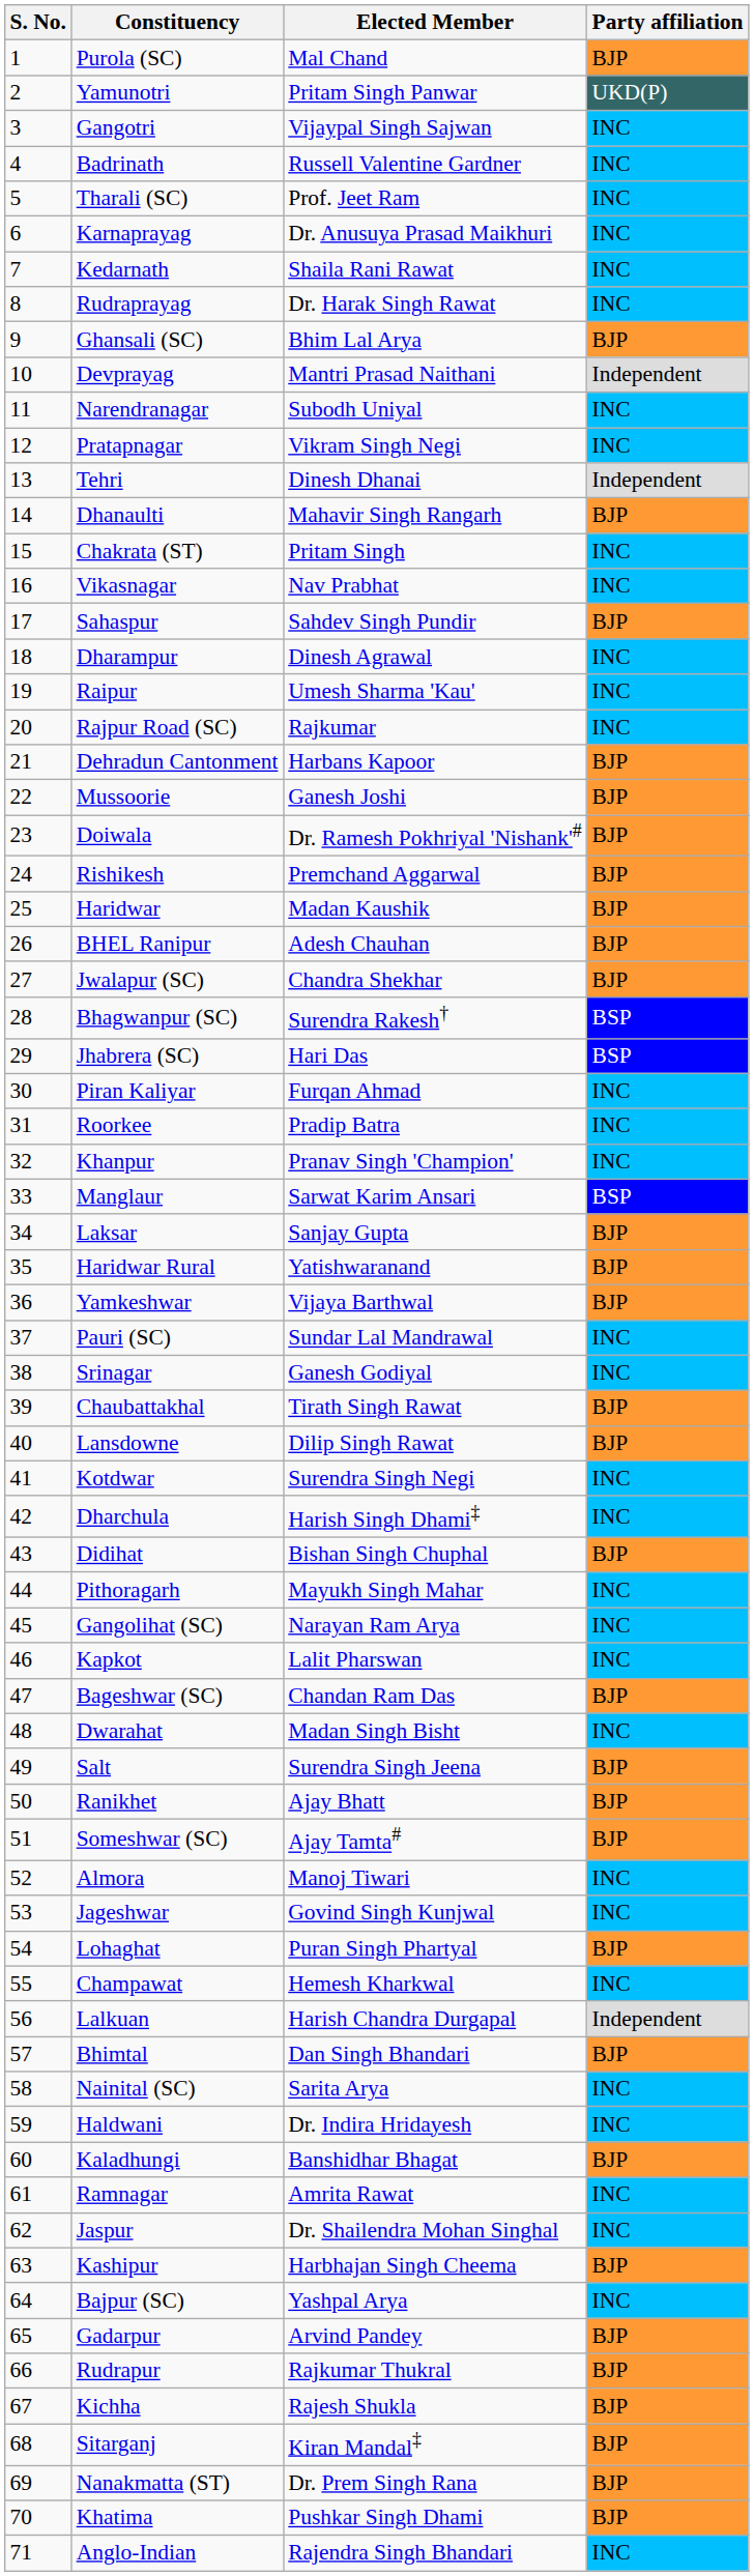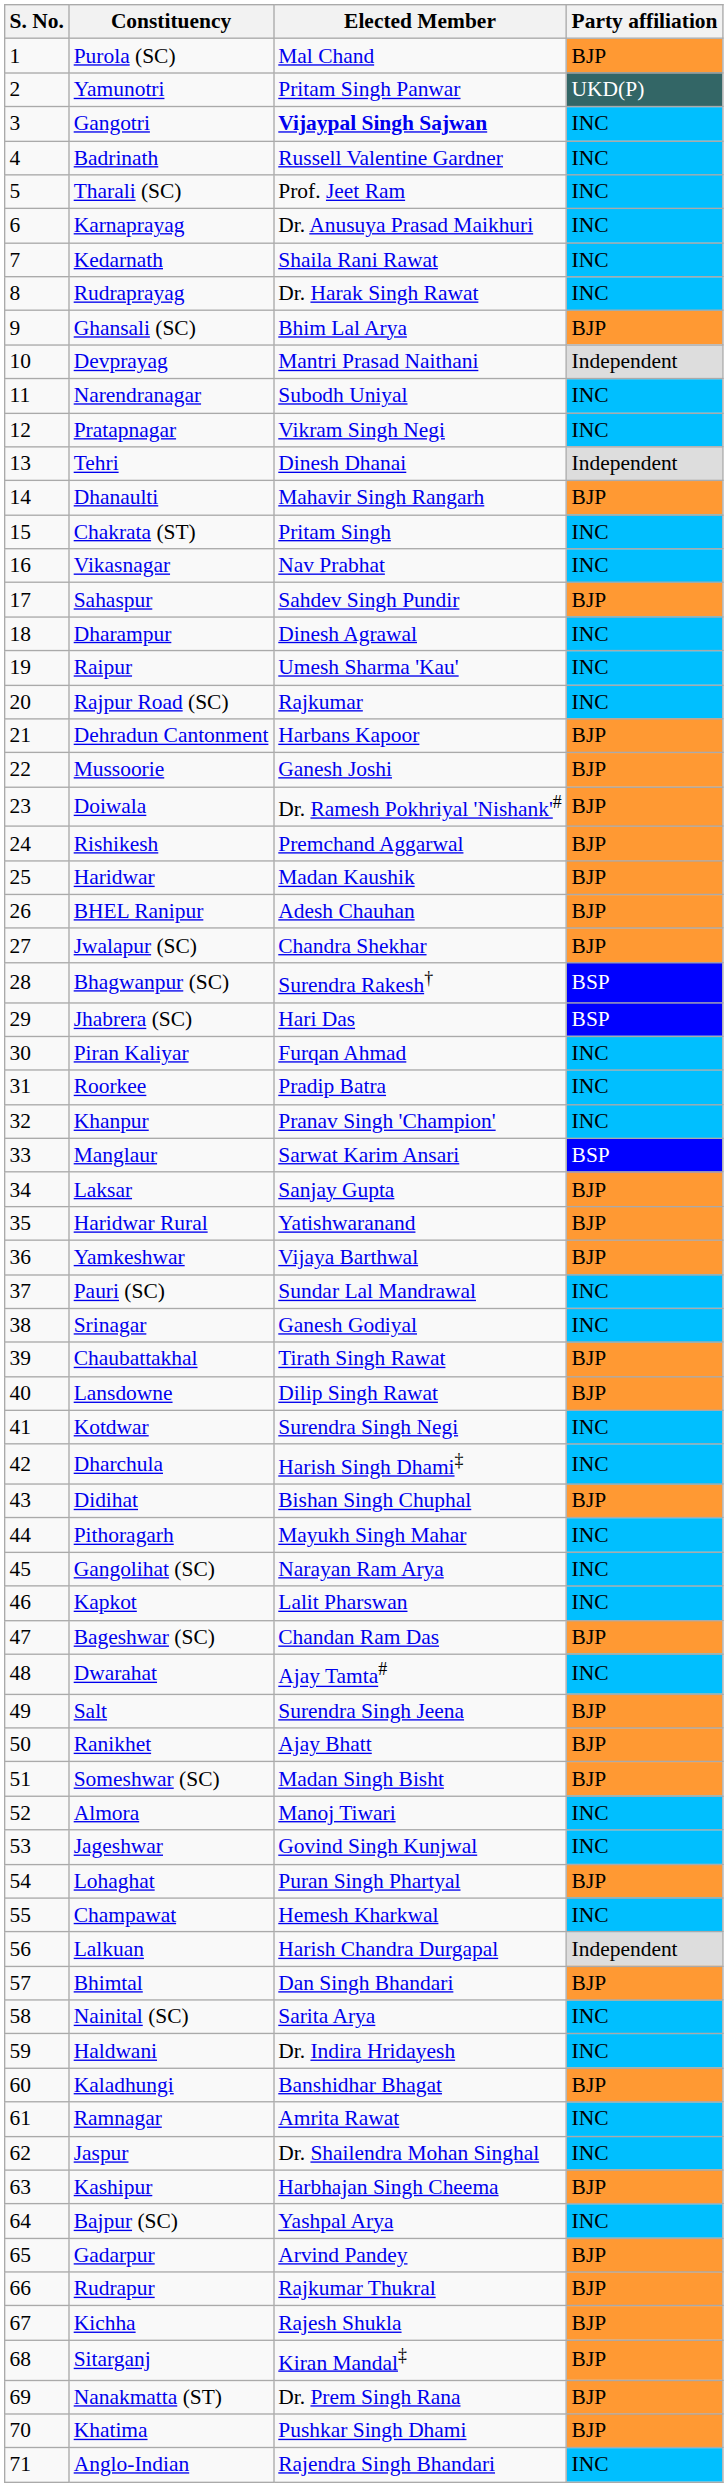 <table class="wikitable sortable">
 <tr style="background:#E9E9E9;">
 <th>S. No.</th>
 <th>Constituency</th>
 <th>Elected Member</th>
 <th>Party affiliation</th>
 </tr>
 <tr>
 <td>1</td>
 <td><a href='#'>Purola</a> (SC)</td>
 <td><a href='#'>Mal Chand</a></td>
 <td bgcolor=#FF9933>BJP</td>
 </tr>
 <tr>
 <td>2</td>
 <td><a href='#'>Yamunotri</a></td>
 <td><a href='#'>Pritam Singh Panwar</a></td>
 <td style="background: #336666; color: white">UKD(P)</td>
 </tr>
 <tr>
 <td>3</td>
 <td><a href='#'>Gangotri</a></td>
-<td><a href='#'>Vijaypal Singh Sajwan</a></td>
+<td><strong><a href='#'>Vijaypal Singh Sajwan</a></strong></td>
 <td bgcolor=#00BFFF>INC</td>
 </tr>
 <tr>
 <td>4</td>
 <td><a href='#'>Badrinath</a></td>
 <td><a href='#'>Russell Valentine Gardner</a></td>
 <td bgcolor=#00BFFF>INC</td>
 </tr>
 <tr>
 <td>5</td>
 <td><a href='#'>Tharali</a> (SC)</td>
 <td>Prof. <a href='#'>Jeet Ram</a></td>
 <td bgcolor=#00BFFF>INC</td>
 </tr>
 <tr>
 <td>6</td>
 <td><a href='#'>Karnaprayag</a></td>
 <td>Dr. <a href='#'>Anusuya Prasad Maikhuri</a></td>
 <td bgcolor=#00BFFF>INC</td>
 </tr>
 <tr>
 <td>7</td>
 <td><a href='#'>Kedarnath</a></td>
 <td><a href='#'>Shaila Rani Rawat</a></td>
 <td bgcolor=#00BFFF>INC</td>
 </tr>
 <tr>
 <td>8</td>
 <td><a href='#'>Rudraprayag</a></td>
 <td>Dr. <a href='#'>Harak Singh Rawat</a></td>
 <td bgcolor=#00BFFF>INC</td>
 </tr>
 <tr>
 <td>9</td>
 <td><a href='#'>Ghansali</a> (SC)</td>
 <td><a href='#'>Bhim Lal Arya</a></td>
 <td bgcolor=#FF9933>BJP</td>
 </tr>
 <tr>
 <td>10</td>
 <td><a href='#'>Devprayag</a></td>
 <td><a href='#'>Mantri Prasad Naithani</a></td>
 <td bgcolor=#DDDDDD>Independent</td>
 </tr>
 <tr>
 <td>11</td>
 <td><a href='#'>Narendranagar</a></td>
 <td><a href='#'>Subodh Uniyal</a></td>
 <td bgcolor=#00BFFF>INC</td>
 </tr>
 <tr>
 <td>12</td>
 <td><a href='#'>Pratapnagar</a></td>
 <td><a href='#'>Vikram Singh Negi</a></td>
 <td bgcolor=#00BFFF>INC</td>
 </tr>
 <tr>
 <td>13</td>
 <td><a href='#'>Tehri</a></td>
 <td><a href='#'>Dinesh Dhanai</a></td>
 <td bgcolor=#DDDDDD>Independent</td>
 </tr>
 <tr>
 <td>14</td>
 <td><a href='#'>Dhanaulti</a></td>
 <td><a href='#'>Mahavir Singh Rangarh</a></td>
 <td bgcolor=#FF9933>BJP</td>
 </tr>
 <tr>
 <td>15</td>
 <td><a href='#'>Chakrata</a> (ST)</td>
 <td><a href='#'>Pritam Singh</a></td>
 <td bgcolor=#00BFFF>INC</td>
 </tr>
 <tr>
 <td>16</td>
 <td><a href='#'>Vikasnagar</a></td>
 <td><a href='#'>Nav Prabhat</a></td>
 <td bgcolor=#00BFFF>INC</td>
 </tr>
 <tr>
 <td>17</td>
 <td><a href='#'>Sahaspur</a></td>
 <td><a href='#'>Sahdev Singh Pundir</a></td>
 <td bgcolor=#FF9933>BJP</td>
 </tr>
 <tr>
 <td>18</td>
 <td><a href='#'>Dharampur</a></td>
 <td><a href='#'>Dinesh Agrawal</a></td>
 <td bgcolor=#00BFFF>INC</td>
 </tr>
 <tr>
 <td>19</td>
 <td><a href='#'>Raipur</a></td>
 <td><a href='#'>Umesh Sharma 'Kau'</a></td>
 <td bgcolor=#00BFFF>INC</td>
 </tr>
 <tr>
 <td>20</td>
 <td><a href='#'>Rajpur Road</a> (SC)</td>
 <td><a href='#'>Rajkumar</a></td>
 <td bgcolor=#00BFFF>INC</td>
 </tr>
 <tr>
 <td>21</td>
 <td><a href='#'>Dehradun Cantonment</a></td>
 <td><a href='#'>Harbans Kapoor</a></td>
 <td bgcolor=#FF9933>BJP</td>
 </tr>
 <tr>
 <td>22</td>
 <td><a href='#'>Mussoorie</a></td>
 <td><a href='#'>Ganesh Joshi</a></td>
 <td bgcolor=#FF9933>BJP</td>
 </tr>
 <tr>
 <td>23</td>
 <td><a href='#'>Doiwala</a></td>
 <td>Dr. <a href='#'>Ramesh Pokhriyal 'Nishank'</a><sup>#</sup></td>
 <td bgcolor=#FF9933>BJP</td>
 </tr>
 <tr>
 <td>24</td>
 <td><a href='#'>Rishikesh</a></td>
 <td><a href='#'>Premchand Aggarwal</a></td>
 <td bgcolor=#FF9933>BJP</td>
 </tr>
 <tr>
 <td>25</td>
 <td><a href='#'>Haridwar</a></td>
 <td><a href='#'>Madan Kaushik</a></td>
 <td bgcolor=#FF9933>BJP</td>
 </tr>
 <tr>
 <td>26</td>
 <td><a href='#'>BHEL Ranipur</a></td>
 <td><a href='#'>Adesh Chauhan</a></td>
 <td bgcolor=#FF9933>BJP</td>
 </tr>
 <tr>
 <td>27</td>
 <td><a href='#'>Jwalapur</a> (SC)</td>
 <td><a href='#'>Chandra Shekhar</a></td>
 <td bgcolor=#FF9933>BJP</td>
 </tr>
 <tr>
 <td>28</td>
 <td><a href='#'>Bhagwanpur</a> (SC)</td>
 <td><a href='#'>Surendra Rakesh</a><sup>†</sup></td>
 <td style="background: #0000FF; color: white">BSP</td>
 </tr>
 <tr>
 <td>29</td>
 <td><a href='#'>Jhabrera</a> (SC)</td>
 <td><a href='#'>Hari Das</a></td>
 <td style="background: #0000FF; color: white">BSP</td>
 </tr>
 <tr>
 <td>30</td>
 <td><a href='#'>Piran Kaliyar</a></td>
 <td><a href='#'>Furqan Ahmad</a></td>
 <td bgcolor=#00BFFF>INC</td>
 </tr>
 <tr>
 <td>31</td>
 <td><a href='#'>Roorkee</a></td>
 <td><a href='#'>Pradip Batra</a></td>
 <td bgcolor=#00BFFF>INC</td>
 </tr>
 <tr>
 <td>32</td>
 <td><a href='#'>Khanpur</a></td>
 <td><a href='#'>Pranav Singh 'Champion'</a></td>
 <td bgcolor=#00BFFF>INC</td>
 </tr>
 <tr>
 <td>33</td>
 <td><a href='#'>Manglaur</a></td>
 <td><a href='#'>Sarwat Karim Ansari</a></td>
 <td style="background: #0000FF; color: white">BSP</td>
 </tr>
 <tr>
 <td>34</td>
 <td><a href='#'>Laksar</a></td>
 <td><a href='#'>Sanjay Gupta</a></td>
 <td bgcolor=#FF9933>BJP</td>
 </tr>
 <tr>
 <td>35</td>
 <td><a href='#'>Haridwar Rural</a></td>
 <td><a href='#'>Yatishwaranand</a></td>
 <td bgcolor=#FF9933>BJP</td>
 </tr>
 <tr>
 <td>36</td>
 <td><a href='#'>Yamkeshwar</a></td>
 <td><a href='#'>Vijaya Barthwal</a></td>
 <td bgcolor=#FF9933>BJP</td>
 </tr>
 <tr>
 <td>37</td>
 <td><a href='#'>Pauri</a> (SC)</td>
 <td><a href='#'>Sundar Lal Mandrawal</a></td>
 <td bgcolor=#00BFFF>INC</td>
 </tr>
 <tr>
 <td>38</td>
 <td><a href='#'>Srinagar</a></td>
 <td><a href='#'>Ganesh Godiyal</a></td>
 <td bgcolor=#00BFFF>INC</td>
 </tr>
 <tr>
 <td>39</td>
 <td><a href='#'>Chaubattakhal</a></td>
 <td><a href='#'>Tirath Singh Rawat</a></td>
 <td bgcolor=#FF9933>BJP</td>
 </tr>
 <tr>
 <td>40</td>
 <td><a href='#'>Lansdowne</a></td>
 <td><a href='#'>Dilip Singh Rawat</a></td>
 <td bgcolor=#FF9933>BJP</td>
 </tr>
 <tr>
 <td>41</td>
 <td><a href='#'>Kotdwar</a></td>
 <td><a href='#'>Surendra Singh Negi</a></td>
 <td bgcolor=#00BFFF>INC</td>
 </tr>
 <tr>
 <td>42</td>
 <td><a href='#'>Dharchula</a></td>
 <td><a href='#'>Harish Singh Dhami</a><sup>‡</sup></td>
 <td bgcolor=#00BFFF>INC</td>
 </tr>
 <tr>
 <td>43</td>
 <td><a href='#'>Didihat</a></td>
 <td><a href='#'>Bishan Singh Chuphal</a></td>
 <td bgcolor=#FF9933>BJP</td>
 </tr>
 <tr>
 <td>44</td>
 <td><a href='#'>Pithoragarh</a></td>
 <td><a href='#'>Mayukh Singh Mahar</a></td>
 <td bgcolor=#00BFFF>INC</td>
 </tr>
 <tr>
 <td>45</td>
 <td><a href='#'>Gangolihat</a> (SC)</td>
 <td><a href='#'>Narayan Ram Arya</a></td>
 <td bgcolor=#00BFFF>INC</td>
 </tr>
 <tr>
 <td>46</td>
 <td><a href='#'>Kapkot</a></td>
 <td><a href='#'>Lalit Pharswan</a></td>
 <td bgcolor=#00BFFF>INC</td>
 </tr>
 <tr>
 <td>47</td>
 <td><a href='#'>Bageshwar</a> (SC)</td>
 <td><a href='#'>Chandan Ram Das</a></td>
 <td bgcolor=#FF9933>BJP</td>
 </tr>
 <tr>
 <td>48</td>
 <td><a href='#'>Dwarahat</a></td>
-<td><a href='#'>Madan Singh Bisht</a></td>
+<td><a href='#'>Ajay Tamta</a><sup>#</sup></td>
 <td bgcolor=#00BFFF>INC</td>
 </tr>
 <tr>
 <td>49</td>
 <td><a href='#'>Salt</a></td>
 <td><a href='#'>Surendra Singh Jeena</a></td>
 <td bgcolor=#FF9933>BJP</td>
 </tr>
 <tr>
 <td>50</td>
 <td><a href='#'>Ranikhet</a></td>
 <td><a href='#'>Ajay Bhatt</a></td>
 <td bgcolor=#FF9933>BJP</td>
 </tr>
 <tr>
 <td>51</td>
 <td><a href='#'>Someshwar</a> (SC)</td>
-<td><a href='#'>Ajay Tamta</a><sup>#</sup></td>
+<td><a href='#'>Madan Singh Bisht</a></td>
 <td bgcolor=#FF9933>BJP</td>
 </tr>
 <tr>
 <td>52</td>
 <td><a href='#'>Almora</a></td>
 <td><a href='#'>Manoj Tiwari</a></td>
 <td bgcolor=#00BFFF>INC</td>
 </tr>
 <tr>
 <td>53</td>
 <td><a href='#'>Jageshwar</a></td>
 <td><a href='#'>Govind Singh Kunjwal</a></td>
 <td bgcolor=#00BFFF>INC</td>
 </tr>
 <tr>
 <td>54</td>
 <td><a href='#'>Lohaghat</a></td>
 <td><a href='#'>Puran Singh Phartyal</a></td>
 <td bgcolor=#FF9933>BJP</td>
 </tr>
 <tr>
 <td>55</td>
 <td><a href='#'>Champawat</a></td>
 <td><a href='#'>Hemesh Kharkwal</a></td>
 <td bgcolor=#00BFFF>INC</td>
 </tr>
 <tr>
 <td>56</td>
 <td><a href='#'>Lalkuan</a></td>
 <td><a href='#'>Harish Chandra Durgapal</a></td>
 <td bgcolor=#DDDDDD>Independent</td>
 </tr>
 <tr>
 <td>57</td>
 <td><a href='#'>Bhimtal</a></td>
 <td><a href='#'>Dan Singh Bhandari</a></td>
 <td bgcolor=#FF9933>BJP</td>
 </tr>
 <tr>
 <td>58</td>
 <td><a href='#'>Nainital</a> (SC)</td>
 <td><a href='#'>Sarita Arya</a></td>
 <td bgcolor=#00BFFF>INC</td>
 </tr>
 <tr>
 <td>59</td>
 <td><a href='#'>Haldwani</a></td>
 <td>Dr. <a href='#'>Indira Hridayesh</a></td>
 <td bgcolor=#00BFFF>INC</td>
 </tr>
 <tr>
 <td>60</td>
 <td><a href='#'>Kaladhungi</a></td>
 <td><a href='#'>Banshidhar Bhagat</a></td>
 <td bgcolor=#FF9933>BJP</td>
 </tr>
 <tr>
 <td>61</td>
 <td><a href='#'>Ramnagar</a></td>
 <td><a href='#'>Amrita Rawat</a></td>
 <td bgcolor=#00BFFF>INC</td>
 </tr>
 <tr>
 <td>62</td>
 <td><a href='#'>Jaspur</a></td>
 <td>Dr. <a href='#'>Shailendra Mohan Singhal</a></td>
 <td bgcolor=#00BFFF>INC</td>
 </tr>
 <tr>
 <td>63</td>
 <td><a href='#'>Kashipur</a></td>
 <td><a href='#'>Harbhajan Singh Cheema</a></td>
 <td bgcolor=#FF9933>BJP</td>
 </tr>
 <tr>
 <td>64</td>
 <td><a href='#'>Bajpur</a> (SC)</td>
 <td><a href='#'>Yashpal Arya</a></td>
 <td bgcolor=#00BFFF>INC</td>
 </tr>
 <tr>
 <td>65</td>
 <td><a href='#'>Gadarpur</a></td>
 <td><a href='#'>Arvind Pandey</a></td>
 <td bgcolor=#FF9933>BJP</td>
 </tr>
 <tr>
 <td>66</td>
 <td><a href='#'>Rudrapur</a></td>
 <td><a href='#'>Rajkumar Thukral</a></td>
 <td bgcolor=#FF9933>BJP</td>
 </tr>
 <tr>
 <td>67</td>
 <td><a href='#'>Kichha</a></td>
 <td><a href='#'>Rajesh Shukla</a></td>
 <td bgcolor=#FF9933>BJP</td>
 </tr>
 <tr>
 <td>68</td>
 <td><a href='#'>Sitarganj</a></td>
 <td><a href='#'>Kiran Mandal</a><sup>‡</sup></td>
 <td bgcolor=#FF9933>BJP</td>
 </tr>
 <tr>
 <td>69</td>
 <td><a href='#'>Nanakmatta</a> (ST)</td>
 <td>Dr. <a href='#'>Prem Singh Rana</a></td>
 <td bgcolor=#FF9933>BJP</td>
 </tr>
 <tr>
 <td>70</td>
 <td><a href='#'>Khatima</a></td>
 <td><a href='#'>Pushkar Singh Dhami</a></td>
 <td bgcolor=#FF9933>BJP</td>
 </tr>
 <tr>
 <td>71</td>
 <td><a href='#'>Anglo-Indian</a></td>
 <td><a href='#'>Rajendra Singh Bhandari</a></td>
 <td style="background: #00BFFF">INC</td>
 </tr>
 </table>
